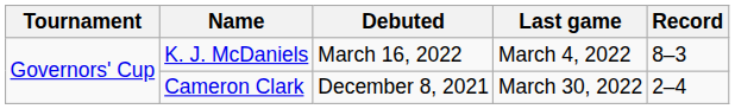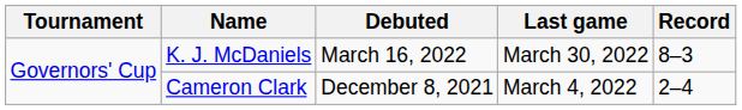 <table class="wikitable">
 <tr>
 <th>Tournament</th>
 <th>Name</th>
 <th>Debuted</th>
 <th>Last game</th>
 <th>Record</th>
 </tr>
 <tr>
 <td rowspan=2><a href='#'>Governors' Cup</a></td>
 <td><a href='#'>K. J. McDaniels</a></td>
 <td>March 16, 2022 </td>
-<td>March 4, 2022 </td>
+<td>March 30, 2022 </td>
 <td>8–3</td>
 </tr>
 <tr>
 <td><a href='#'>Cameron Clark</a></td>
 <td>December 8, 2021 </td>
-<td>March 30, 2022 </td>
+<td>March 4, 2022 </td>
 <td>2–4</td>
 </tr>
 </table>
